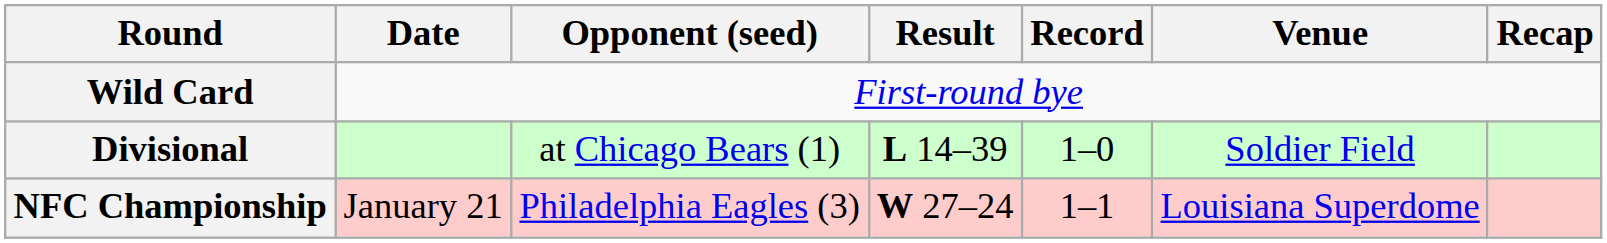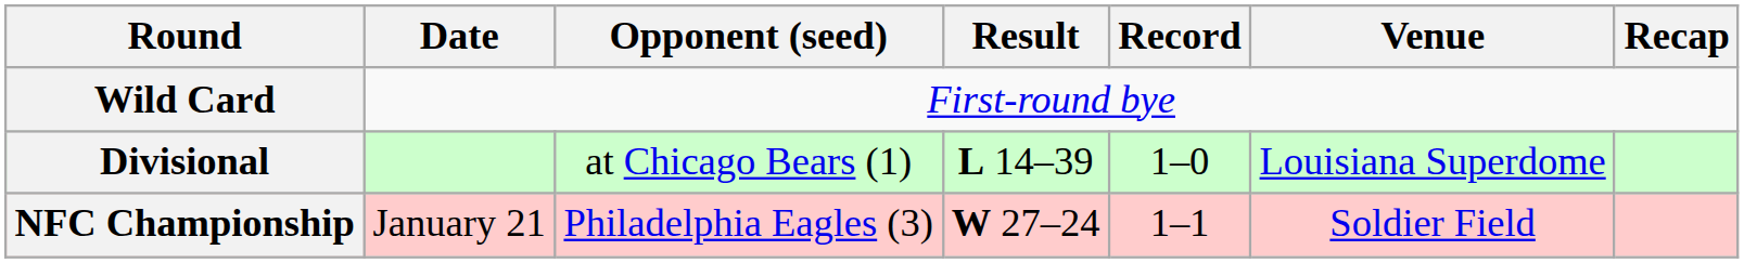 <table class="wikitable" style="text-align:center">
 <tr>
 <th>Round</th>
 <th>Date</th>
 <th>Opponent (seed)</th>
 <th>Result</th>
 <th>Record</th>
 <th>Venue</th>
 <th>Recap</th>
 </tr>
 <tr>
 <th>Wild Card</th>
 <td colspan="6" style="text-align:center;"><em><a href='#'>First-round bye</a></em></td>
 </tr>
 <tr style="background: #cfc;">
 <th>Divisional</th>
 <td></td>
 <td>at <a href='#'>Chicago Bears</a> (1)</td>
 <td><strong>L</strong> 14–39</td>
 <td>1–0</td>
-<td><a href='#'>Soldier Field</a></td>
+<td><a href='#'>Louisiana Superdome</a></td>
 <td></td>
 </tr>
 <tr style="background: #fcc;">
 <th>NFC Championship</th>
 <td>January 21</td>
 <td><a href='#'>Philadelphia Eagles</a> (3)</td>
 <td><strong>W</strong> 27–24</td>
 <td>1–1</td>
-<td><a href='#'>Louisiana Superdome</a></td>
+<td><a href='#'>Soldier Field</a></td>
 <td></td>
 </tr>
 </table>
